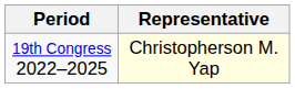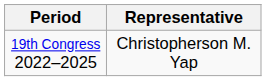 <table class="wikitable" style="text-align:center; width:40%;">
 <tr>
 <th width="40%">Period</th>
 <th>Representative</th>
 </tr>
 <tr>
 <td><small><a href='#'>19th Congress</a></small><br>2022–2025</td>
-<td style="background: lightyellow;">Christopherson M. Yap</td>
+<td>Christopherson M. Yap</td>
 </tr>
 </table>
